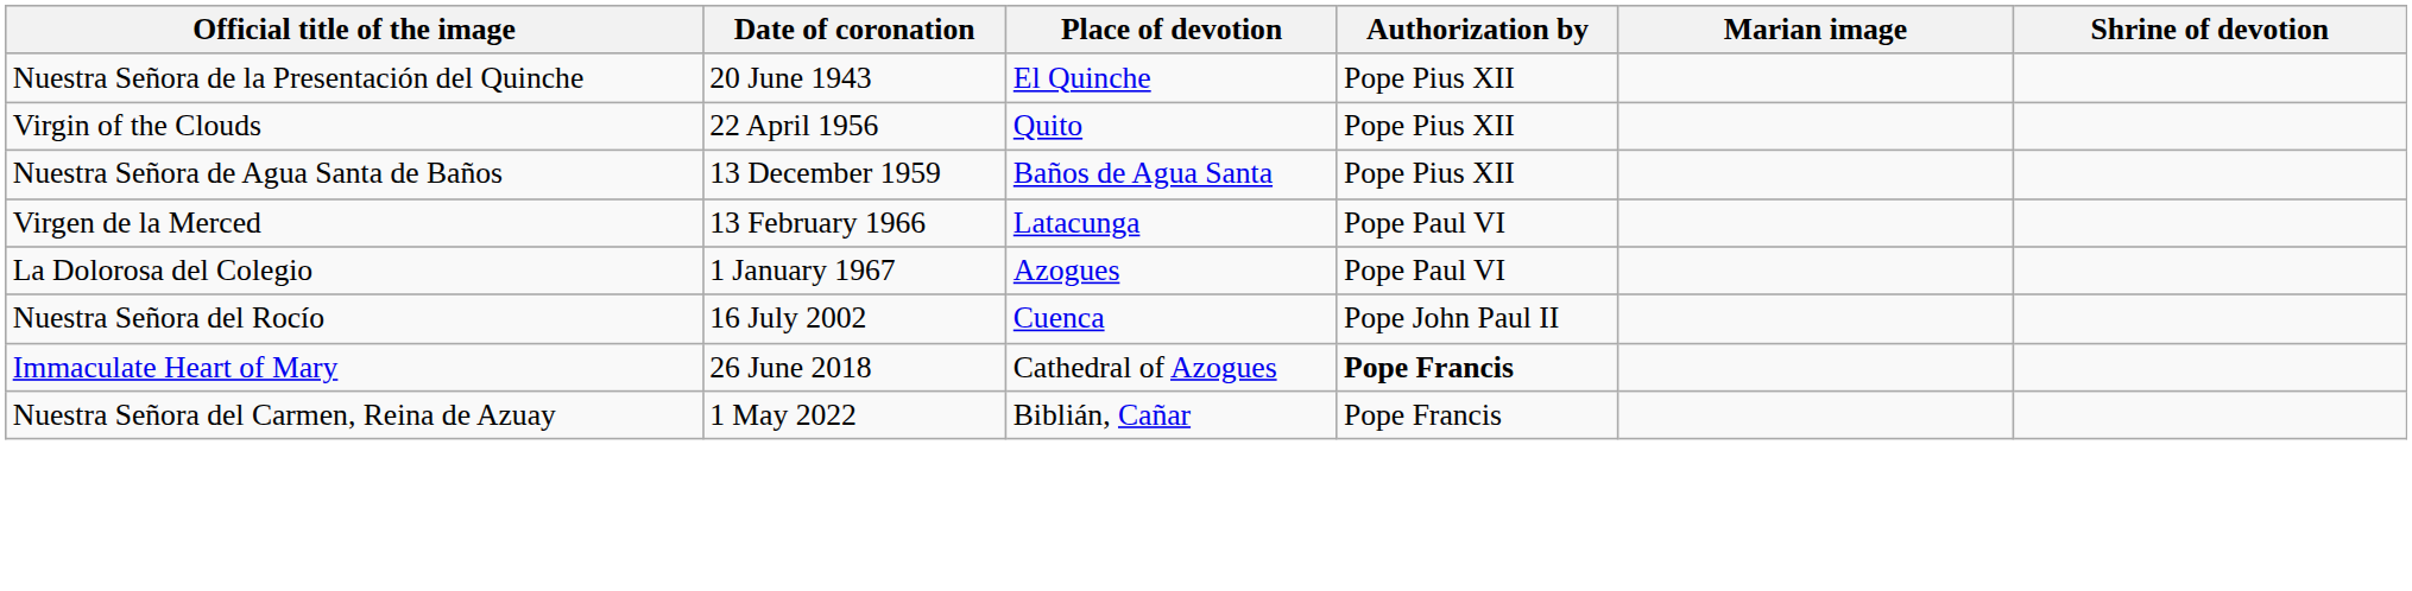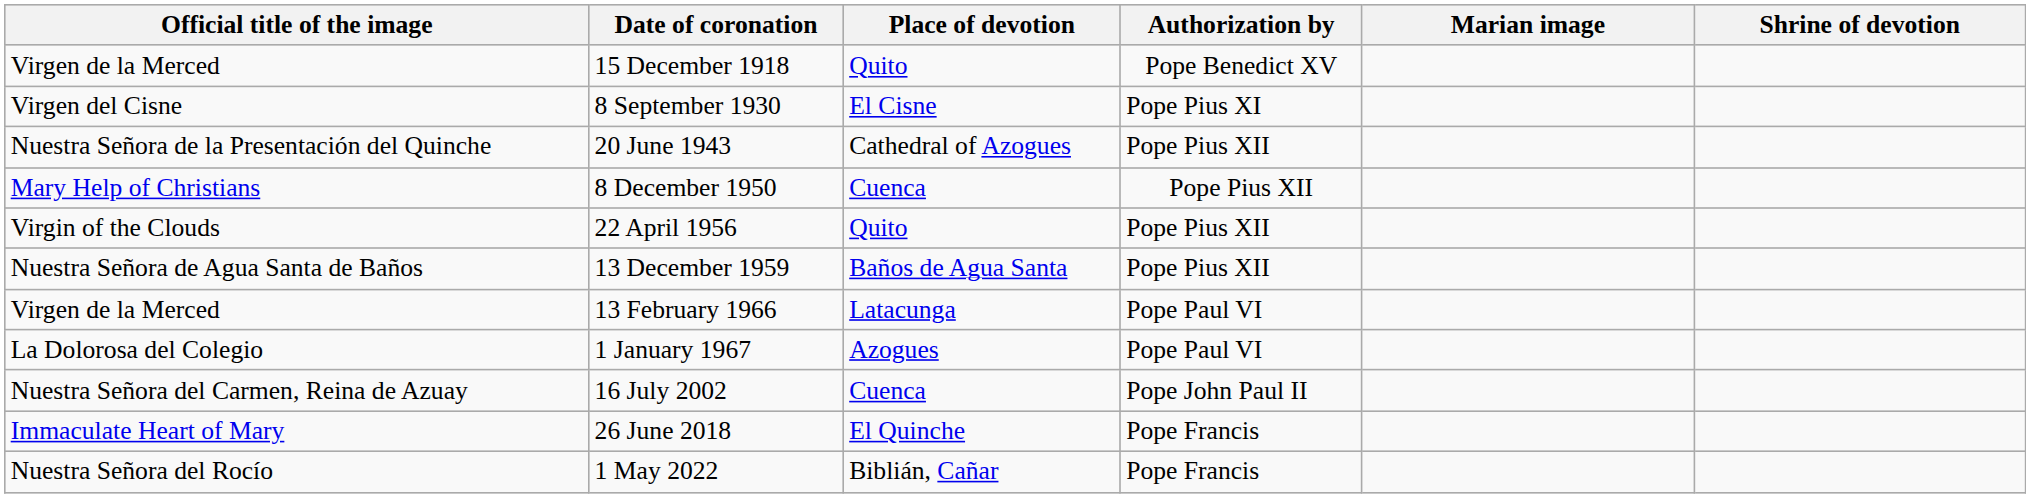 <table class="wikitable sortable" width="100%">
 <tr>
 <th>Official title of the image</th>
 <th data-sort-type="date">Date of coronation</th>
 <th>Place of devotion</th>
 <th>Authorization by</th>
 <th width=200px class=unsortable>Marian image</th>
 <th width=200px class=unsortable>Shrine of devotion</th>
 </tr>
 <tr>
+<td>Virgen de la Merced</td>
+<td>15 December 1918</td>
+<td><a href='#'>Quito</a></td>
+<td style="text-align:center;">Pope Benedict XV</td>
+<td></td>
+<td></td>
+</tr>
+<tr>
+<td>Virgen del Cisne</td>
+<td>8 September 1930</td>
+<td><a href='#'>El Cisne</a></td>
+<td>Pope Pius XI</td>
+<td></td>
+<td></td>
+</tr>
+<tr>
 <td>Nuestra Señora de la Presentación del Quinche</td>
 <td>20 June 1943</td>
-<td><a href='#'>El Quinche</a></td>
+<td>Cathedral of <a href='#'>Azogues</a></td>
 <td>Pope Pius XII</td>
+<td></td>
+<td></td>
+</tr>
+<tr>
+<td><a href='#'>Mary Help of Christians</a></td>
+<td>8 December 1950</td>
+<td><a href='#'>Cuenca</a></td>
+<td style="text-align:center;">Pope Pius XII</td>
 <td></td>
 <td></td>
 </tr>
 <tr>
 <td>Virgin of the Clouds</td>
 <td>22 April 1956</td>
 <td><a href='#'>Quito</a></td>
 <td>Pope Pius XII</td>
 <td></td>
 <td></td>
 </tr>
 <tr>
 <td>Nuestra Señora de Agua Santa de Baños</td>
 <td>13 December 1959</td>
 <td><a href='#'>Baños de Agua Santa</a></td>
 <td>Pope Pius XII</td>
 <td></td>
 <td></td>
 </tr>
 <tr>
 <td>Virgen de la Merced</td>
 <td>13 February 1966</td>
 <td><a href='#'>Latacunga</a></td>
 <td>Pope Paul VI</td>
 <td></td>
 <td></td>
 </tr>
 <tr>
 <td>La Dolorosa del Colegio</td>
 <td>1 January 1967</td>
 <td><a href='#'>Azogues</a></td>
 <td>Pope Paul VI</td>
 <td></td>
 <td></td>
 </tr>
 <tr>
-<td>Nuestra Señora del Rocío</td>
+<td>Nuestra Señora del Carmen, Reina de Azuay</td>
 <td>16 July 2002</td>
 <td><a href='#'>Cuenca</a></td>
 <td>Pope John Paul II</td>
 <td></td>
 <td></td>
 </tr>
 <tr>
 <td><a href='#'>Immaculate Heart of Mary</a></td>
 <td>26 June 2018</td>
-<td>Cathedral of <a href='#'>Azogues</a></td>
-<td><strong>Pope Francis</strong></td>
+<td><a href='#'>El Quinche</a></td>
+<td>Pope Francis</td>
 <td></td>
 <td></td>
 </tr>
 <tr>
-<td>Nuestra Señora del Carmen, Reina de Azuay</td>
+<td>Nuestra Señora del Rocío</td>
 <td>1 May 2022</td>
 <td>Biblián, <a href='#'>Cañar</a></td>
 <td>Pope Francis</td>
 <td></td>
 <td></td>
 </tr>
 </table>
